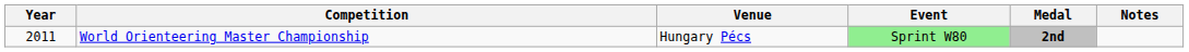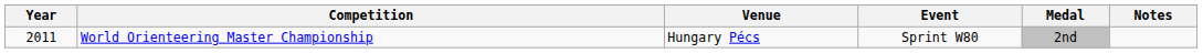 <table class="wikitable" width=55% style="font-size:90%; text-align:center;">
 <tr>
 <th>Year</th>
 <th>Competition</th>
 <th>Venue</th>
 <th>Event</th>
 <th>Medal</th>
 <th>Notes</th>
 </tr>
 <tr>
 <td align=center rowspan=2>2011</td>
 <td rowspan=2 align=left><a href='#'>World Orienteering Master Championship</a></td>
 <td rowspan=2 align=left>Hungary <a href='#'>Pécs</a></td>
-<td style="background: lightgreen;">Sprint W80</td>
-<td bgcolor=silver><strong>2nd</strong></td>
+<td>Sprint W80</td>
+<td bgcolor=silver>2nd</td>
 <td align=center></td>
 </tr>
 </table>
